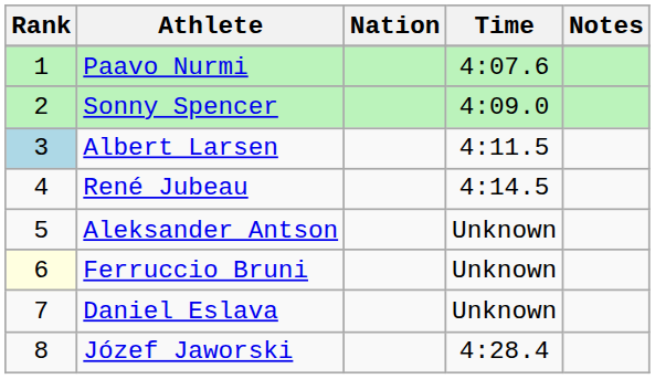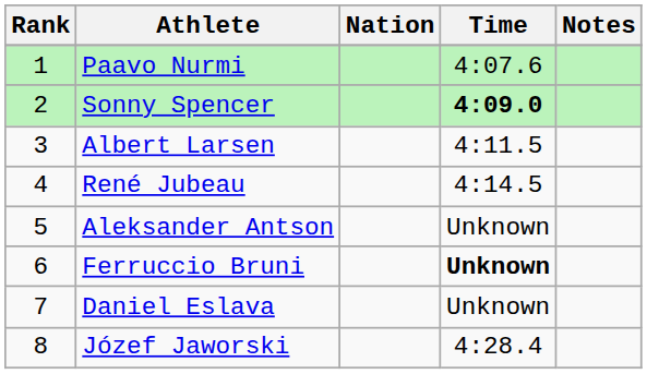 <table class="wikitable sortable" style="text-align:center">
 <tr>
 <th>Rank</th>
 <th>Athlete</th>
 <th>Nation</th>
 <th>Time</th>
 <th>Notes</th>
 </tr>
 <tr>
 </tr>
 <tr bgcolor=bbf3bb>
 <td>1</td>
 <td align=left><a href='#'>Paavo Nurmi</a></td>
 <td align=left></td>
 <td>4:07.6</td>
 <td></td>
 </tr>
 <tr bgcolor=bbf3bb>
 <td>2</td>
 <td align=left><a href='#'>Sonny Spencer</a></td>
 <td align=left></td>
-<td>4:09.0</td>
+<td><strong>4:09.0</strong></td>
 <td></td>
 </tr>
 <tr>
-<td style="background: lightblue;">3</td>
+<td>3</td>
 <td align=left><a href='#'>Albert Larsen</a></td>
 <td align=left></td>
 <td>4:11.5</td>
 <td></td>
 </tr>
 <tr>
 <td>4</td>
 <td align=left><a href='#'>René Jubeau</a></td>
 <td align=left></td>
 <td>4:14.5</td>
 <td></td>
 </tr>
 <tr>
 <td>5</td>
 <td align=left><a href='#'>Aleksander Antson</a></td>
 <td align=left></td>
 <td data-sort-value=4:15.0>Unknown</td>
 <td></td>
 </tr>
 <tr>
-<td style="background: lightyellow;">6</td>
+<td>6</td>
 <td align=left><a href='#'>Ferruccio Bruni</a></td>
 <td align=left></td>
-<td data-sort-value=4:16.0>Unknown</td>
+<td data-sort-value=4:16.0><strong>Unknown</strong></td>
 <td></td>
 </tr>
 <tr>
 <td>7</td>
 <td align=left><a href='#'>Daniel Eslava</a></td>
 <td align=left></td>
 <td data-sort-value=4:17.0>Unknown</td>
 <td></td>
 </tr>
 <tr>
 <td>8</td>
 <td align=left><a href='#'>Józef Jaworski</a></td>
 <td align=left></td>
 <td>4:28.4</td>
 <td></td>
 </tr>
 </table>
